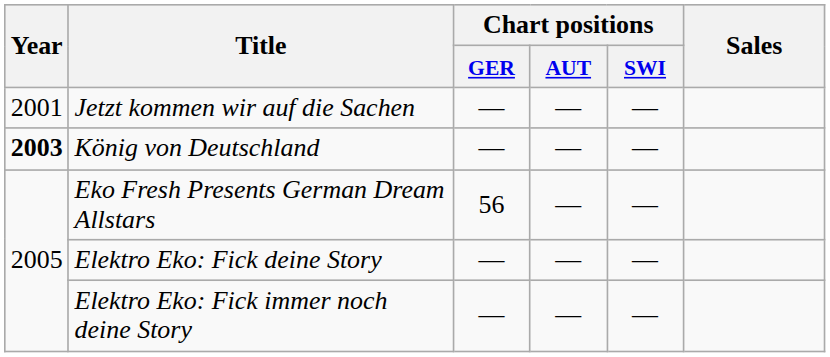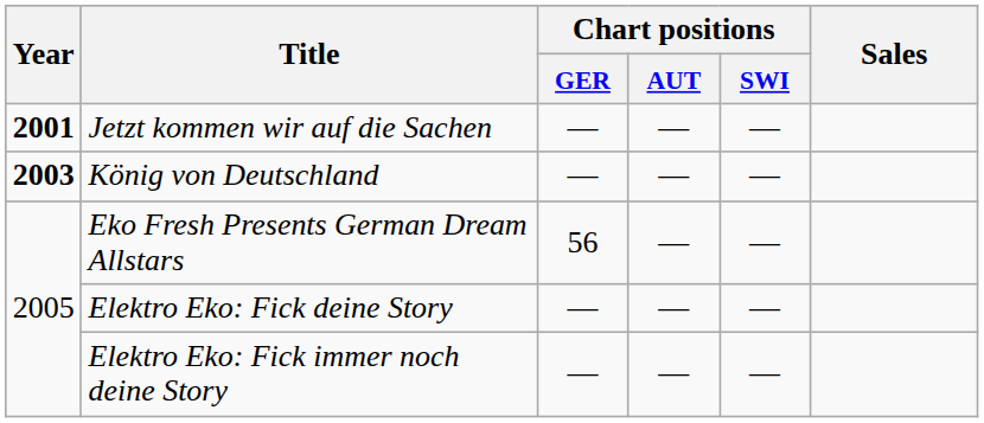 <table class="wikitable">
 <tr>
 <th style="width:20px;" rowspan="2">Year</th>
 <th style="width:230px;" rowspan="2">Title</th>
 <th colspan="3">Chart positions</th>
 <th style="width:80px;" rowspan="2">Sales</th>
 </tr>
 <tr>
 <th style="width:40px;"><small><a href='#'>GER</a></small></th>
 <th style="width:40px;"><small><a href='#'>AUT</a></small></th>
 <th style="width:40px;"><small><a href='#'>SWI</a></small></th>
 </tr>
 <tr>
-<td>2001</td>
+<td><strong>2001</strong></td>
 <td><em>Jetzt kommen wir auf die Sachen</em></td>
 <td style="text-align:center;">—</td>
 <td style="text-align:center;">—</td>
 <td style="text-align:center;">—</td>
 <td></td>
 </tr>
 <tr>
 <td><strong>2003</strong></td>
 <td><em>König von Deutschland</em></td>
 <td style="text-align:center;">—</td>
 <td style="text-align:center;">—</td>
 <td style="text-align:center;">—</td>
 <td></td>
 </tr>
 <tr>
 <td rowspan="3">2005</td>
 <td><em>Eko Fresh Presents German Dream Allstars</em></td>
 <td style="text-align:center;">56</td>
 <td style="text-align:center;">—</td>
 <td style="text-align:center;">—</td>
 <td></td>
 </tr>
 <tr>
 <td><em>Elektro Eko: Fick deine Story</em></td>
 <td style="text-align:center;">—</td>
 <td style="text-align:center;">—</td>
 <td style="text-align:center;">—</td>
 <td></td>
 </tr>
 <tr>
 <td><em>Elektro Eko: Fick immer noch deine Story</em></td>
 <td style="text-align:center;">—</td>
 <td style="text-align:center;">—</td>
 <td style="text-align:center;">—</td>
 <td></td>
 </tr>
 </table>
